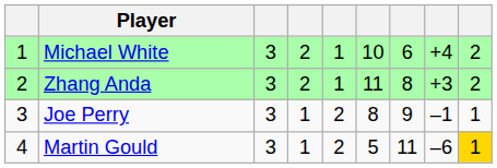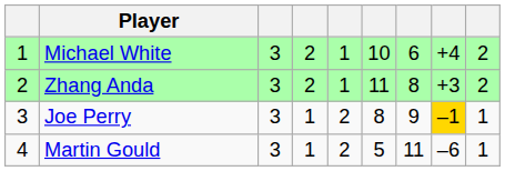 <table class="wikitable" style="text-align: center;">
 <tr>
 <th width=20></th>
 <th width=165>Player</th>
 <th width=20></th>
 <th width=20></th>
 <th width=20></th>
 <th width=20></th>
 <th width=20></th>
 <th width=20></th>
 <th width=20></th>
 </tr>
 <tr style="background:#aaffaa;">
 <td>1</td>
 <td style="text-align:left;"> <a href='#'>Michael White</a></td>
 <td>3</td>
 <td>2</td>
 <td>1</td>
 <td>10</td>
 <td>6</td>
 <td>+4</td>
 <td>2</td>
 </tr>
 <tr style="background:#aaffaa;">
 <td>2</td>
 <td style="text-align:left;"> <a href='#'>Zhang Anda</a></td>
 <td>3</td>
 <td>2</td>
 <td>1</td>
 <td>11</td>
 <td>8</td>
 <td>+3</td>
 <td>2</td>
 </tr>
 <tr>
 <td>3</td>
 <td style="text-align:left;"> <a href='#'>Joe Perry</a></td>
 <td>3</td>
 <td>1</td>
 <td>2</td>
 <td>8</td>
 <td>9</td>
-<td>–1</td>
+<td style="background: gold;">–1</td>
 <td>1</td>
 </tr>
 <tr>
 <td>4</td>
 <td style="text-align:left;"> <a href='#'>Martin Gould</a></td>
 <td>3</td>
 <td>1</td>
 <td>2</td>
 <td>5</td>
 <td>11</td>
 <td>–6</td>
-<td style="background: gold;">1</td>
+<td>1</td>
 </tr>
 </table>
